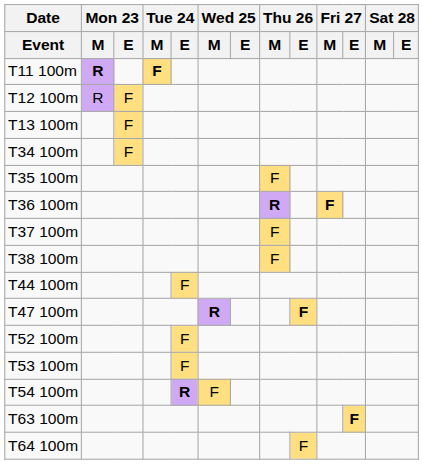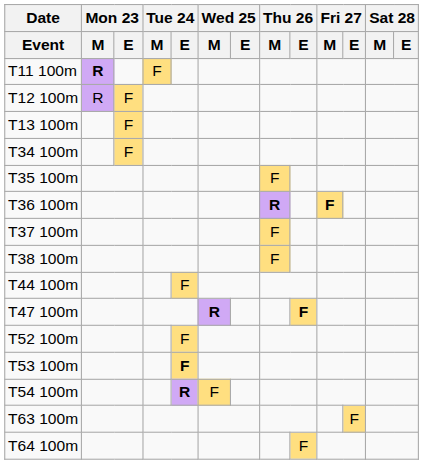 <table class="wikitable" style="margin:0.5em auto; font-size:90%; line-height:1.25em;">
 <tr>
 <th>Date</th>
 <th colspan="2">Mon 23</th>
 <th colspan="2">Tue 24</th>
 <th colspan="2">Wed 25</th>
 <th colspan="2">Thu 26</th>
 <th colspan="2">Fri 27</th>
 <th colspan="2">Sat 28</th>
 </tr>
 <tr>
 <th>Event</th>
 <th>M</th>
 <th>E</th>
 <th>M</th>
 <th>E</th>
 <th>M</th>
 <th>E</th>
 <th>M</th>
 <th>E</th>
 <th>M</th>
 <th>E</th>
 <th>M</th>
 <th>E</th>
 </tr>
 <tr align="center">
 <td align="left">T11 100m</td>
 <td bgcolor="#D0A9F5"><strong>R</strong></td>
 <td></td>
-<td bgcolor="#FFDF80"><strong>F</strong></td>
+<td bgcolor="#FFDF80">F</td>
 <td></td>
 <td colspan="2"></td>
 <td colspan="2"></td>
 <td colspan="2"></td>
 <td colspan="2"></td>
 </tr>
 <tr align="center">
 <td align="left">T12 100m</td>
 <td bgcolor="#D0A9F5">R</td>
 <td bgcolor="#FFDF80">F</td>
 <td colspan="2"></td>
 <td colspan="2"></td>
 <td colspan="2"></td>
 <td colspan="2"></td>
 <td colspan="2"></td>
 </tr>
 <tr align="center">
 <td align="left">T13 100m</td>
 <td></td>
 <td bgcolor="#FFDF80">F</td>
 <td colspan="2"></td>
 <td colspan="2"></td>
 <td colspan="2"></td>
 <td colspan="2"></td>
 <td colspan="2"></td>
 </tr>
 <tr align="center">
 <td align="left">T34 100m</td>
 <td></td>
 <td bgcolor="#FFDF80">F</td>
 <td colspan="2"></td>
 <td colspan="2"></td>
 <td colspan="2"></td>
 <td colspan="2"></td>
 <td colspan="2"></td>
 </tr>
 <tr align="center">
 <td align="left">T35 100m</td>
 <td colspan="2"></td>
 <td colspan="2"></td>
 <td colspan="2"></td>
 <td bgcolor="#FFDF80">F</td>
 <td></td>
 <td colspan="2"></td>
 <td colspan="2"></td>
 </tr>
 <tr align="center">
 <td align="left">T36 100m</td>
 <td colspan="2"></td>
 <td colspan="2"></td>
 <td colspan="2"></td>
 <td bgcolor="#D0A9F5"><strong>R</strong></td>
 <td></td>
 <td bgcolor="#FFDF80"><strong>F</strong></td>
 <td></td>
 <td colspan="2"></td>
 </tr>
 <tr align="center">
 <td align="left">T37 100m</td>
 <td colspan="2"></td>
 <td colspan="2"></td>
 <td colspan="2"></td>
 <td bgcolor="#FFDF80">F</td>
 <td></td>
 <td colspan="2"></td>
 <td colspan="2"></td>
 </tr>
 <tr align="center">
 <td align="left">T38 100m</td>
 <td colspan="2"></td>
 <td colspan="2"></td>
 <td colspan="2"></td>
 <td bgcolor="#FFDF80">F</td>
 <td></td>
 <td colspan="2"></td>
 <td colspan="2"></td>
 </tr>
 <tr align="center">
 <td align="left">T44 100m</td>
 <td colspan="2"></td>
 <td></td>
 <td bgcolor="#FFDF80">F</td>
 <td colspan="2"></td>
 <td colspan="2"></td>
 <td colspan="2"></td>
 <td colspan="2"></td>
 </tr>
 <tr align="center">
 <td align="left">T47 100m</td>
 <td colspan="2"></td>
 <td colspan="2"></td>
 <td bgcolor="#D0A9F5"><strong>R</strong></td>
 <td></td>
 <td></td>
 <td bgcolor="#FFDF80"><strong>F</strong></td>
 <td colspan="2"></td>
 <td colspan="2"></td>
 </tr>
 <tr align="center">
 <td align="left">T52 100m</td>
 <td colspan="2"></td>
 <td></td>
 <td bgcolor="#FFDF80">F</td>
 <td colspan="2"></td>
 <td colspan="2"></td>
 <td colspan="2"></td>
 <td colspan="2"></td>
 </tr>
 <tr align="center">
 <td align="left">T53 100m</td>
 <td colspan="2"></td>
 <td></td>
-<td bgcolor="#FFDF80">F</td>
+<td bgcolor="#FFDF80"><strong>F</strong></td>
 <td colspan="2"></td>
 <td colspan="2"></td>
 <td colspan="2"></td>
 <td colspan="2"></td>
 </tr>
 <tr align="center">
 <td align="left">T54 100m</td>
 <td colspan="2"></td>
 <td></td>
 <td bgcolor="#D0A9F5"><strong>R</strong></td>
 <td bgcolor="#FFDF80">F</td>
 <td></td>
 <td colspan="2"></td>
 <td colspan="2"></td>
 <td colspan="2"></td>
 </tr>
 <tr align="center">
 <td align="left">T63 100m</td>
 <td colspan="2"></td>
 <td colspan="2"></td>
 <td colspan="2"></td>
 <td colspan="2"></td>
 <td></td>
-<td bgcolor="#FFDF80"><strong>F</strong></td>
+<td bgcolor="#FFDF80">F</td>
 <td colspan="2"></td>
 </tr>
 <tr align="center">
 <td align="left">T64 100m</td>
 <td colspan="2"></td>
 <td colspan="2"></td>
 <td colspan="2"></td>
 <td></td>
 <td bgcolor="#FFDF80">F</td>
 <td colspan="2"></td>
 <td colspan="2"></td>
 </tr>
 </table>
